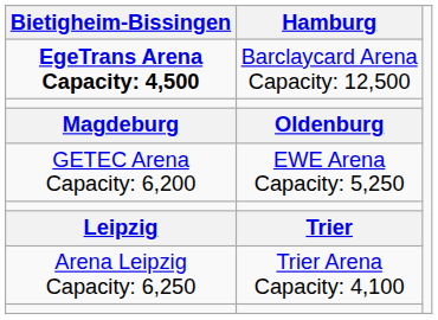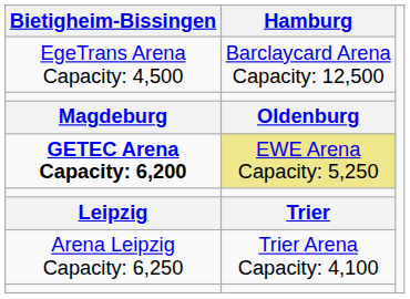 <table class="wikitable" style="text-align:center;">
 <tr>
 <th><a href='#'>Bietigheim-Bissingen</a></th>
 <th><a href='#'>Hamburg</a></th>
 <td rowspan=9><br></td>
 </tr>
 <tr>
-<td><strong><a href='#'>EgeTrans Arena</a><br>Capacity: 4,500</strong></td>
+<td><a href='#'>EgeTrans Arena</a><br>Capacity: 4,500</td>
 <td><a href='#'>Barclaycard Arena</a><br>Capacity: 12,500</td>
 </tr>
 <tr>
 <td></td>
 <td></td>
 </tr>
 <tr>
 <th><a href='#'>Magdeburg</a></th>
 <th><a href='#'>Oldenburg</a></th>
 </tr>
 <tr>
-<td><a href='#'>GETEC Arena</a><br>Capacity: 6,200</td>
-<td><a href='#'>EWE Arena</a><br>Capacity: 5,250</td>
+<td><strong><a href='#'>GETEC Arena</a><br>Capacity: 6,200</strong></td>
+<td style="background: khaki;"><a href='#'>EWE Arena</a><br>Capacity: 5,250</td>
 </tr>
 <tr>
 <td></td>
 <td></td>
 </tr>
 <tr>
 <th><a href='#'>Leipzig</a></th>
 <th><a href='#'>Trier</a></th>
 </tr>
 <tr>
 <td><a href='#'>Arena Leipzig</a><br>Capacity: 6,250</td>
 <td><a href='#'>Trier Arena</a><br>Capacity: 4,100</td>
 </tr>
 <tr>
 <td></td>
 <td></td>
 </tr>
 </table>
